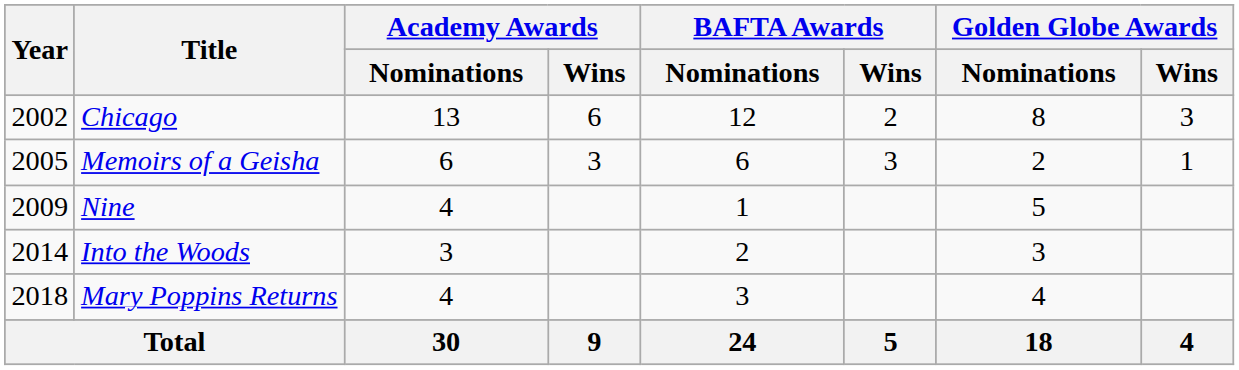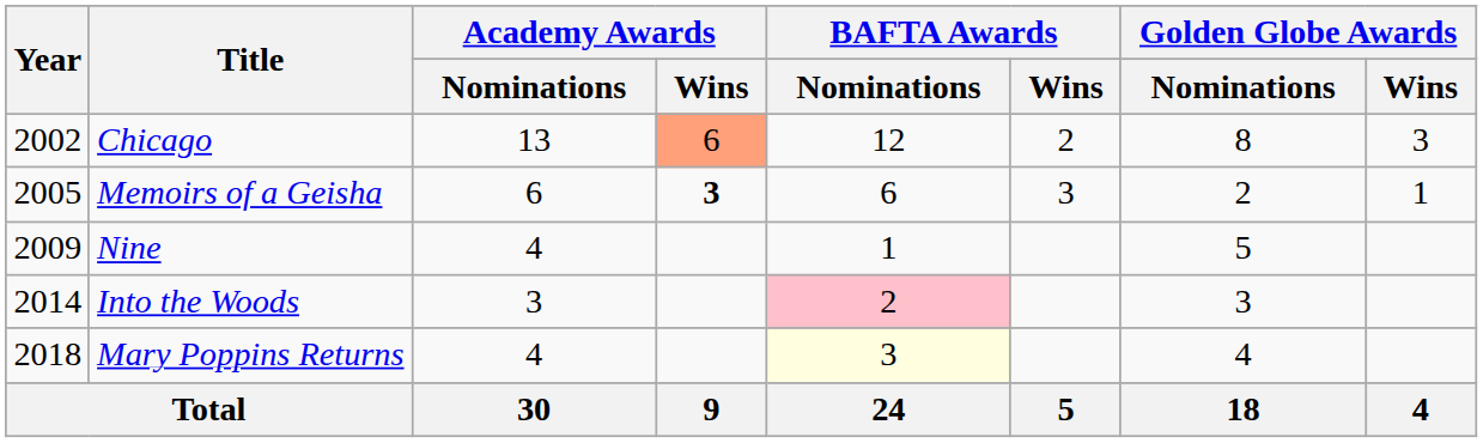 <table class="wikitable">
 <tr>
 <th rowspan="2">Year</th>
 <th rowspan="2">Title</th>
 <th colspan="2" style="text-align:center;" width=160><a href='#'>Academy Awards</a></th>
 <th colspan="2" style="text-align:center;" width=160><a href='#'>BAFTA Awards</a></th>
 <th colspan="2" style="text-align:center;" width=160><a href='#'>Golden Globe Awards</a></th>
 </tr>
 <tr>
 <th>Nominations</th>
 <th>Wins</th>
 <th>Nominations</th>
 <th>Wins</th>
 <th>Nominations</th>
 <th>Wins</th>
 </tr>
 <tr>
 <td>2002</td>
 <td><em><a href='#'>Chicago</a></em></td>
 <td align=center>13</td>
-<td align=center>6</td>
+<td align=center style="background: lightsalmon;">6</td>
 <td align=center>12</td>
 <td align=center>2</td>
 <td align=center>8</td>
 <td align=center>3</td>
 </tr>
 <tr>
 <td>2005</td>
 <td><em><a href='#'>Memoirs of a Geisha</a></em></td>
 <td align=center>6</td>
-<td align=center>3</td>
+<td align=center><strong>3</strong></td>
 <td align=center>6</td>
 <td align=center>3</td>
 <td align=center>2</td>
 <td align=center>1</td>
 </tr>
 <tr>
 <td>2009</td>
 <td><em><a href='#'>Nine</a></em></td>
 <td align=center>4</td>
 <td></td>
 <td align=center>1</td>
 <td></td>
 <td align=center>5</td>
 <td></td>
 </tr>
 <tr>
 <td>2014</td>
 <td><em><a href='#'>Into the Woods</a></em></td>
 <td align=center>3</td>
 <td></td>
-<td align=center>2</td>
+<td align=center style="background: pink;">2</td>
 <td></td>
 <td align=center>3</td>
 <td></td>
 </tr>
 <tr>
 <td>2018</td>
 <td><em><a href='#'>Mary Poppins Returns</a></em></td>
 <td align=center>4</td>
 <td></td>
-<td align=center>3</td>
+<td align=center style="background: lightyellow;">3</td>
 <td></td>
 <td align=center>4</td>
 <td></td>
 </tr>
 <tr>
 <th colspan="2">Total</th>
 <th align=center>30</th>
 <th align=center>9</th>
 <th align=center>24</th>
 <th align=center>5</th>
 <th align=center>18</th>
 <th align=center>4</th>
 </tr>
 </table>
